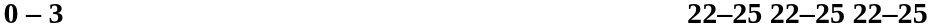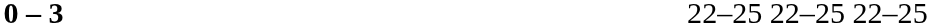 <table width=100% cellspacing=1>
 <tr>
 <th width=20%></th>
 <th width=12%></th>
 <th width=20%></th>
 <th width=33%></th>
 <td></td>
 </tr>
 <tr style=font-size:95%>
 <td align=right></td>
 <td align=center><strong>0 – 3</strong></td>
 <td><strong></strong></td>
-<td><strong>22–25 22–25 22–25</strong></td>
+<td>22–25 22–25 22–25</td>
 </tr>
 </table>
